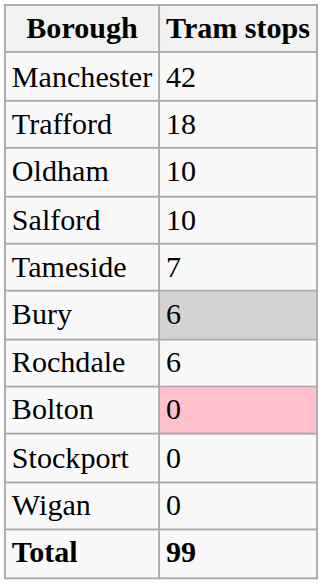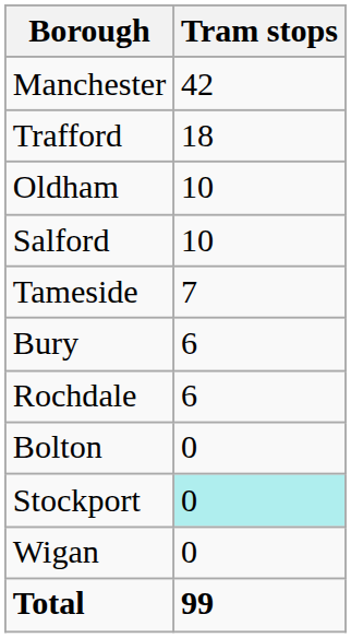 <table class="wikitable floatright">
 <tr>
 <th>Borough</th>
 <th>Tram stops</th>
 </tr>
 <tr>
 <td>Manchester</td>
 <td>42</td>
 </tr>
 <tr>
 <td>Trafford</td>
 <td>18</td>
 </tr>
 <tr>
 <td>Oldham</td>
 <td>10</td>
 </tr>
 <tr>
 <td>Salford</td>
 <td>10</td>
 </tr>
 <tr>
 <td>Tameside</td>
 <td>7</td>
 </tr>
 <tr>
 <td>Bury</td>
-<td style="background: lightgrey;">6</td>
+<td>6</td>
 </tr>
 <tr>
 <td>Rochdale</td>
 <td>6</td>
 </tr>
 <tr>
 <td>Bolton</td>
-<td style="background: pink;">0</td>
+<td>0</td>
 </tr>
 <tr>
 <td>Stockport</td>
-<td>0</td>
+<td style="background: paleturquoise;">0</td>
 </tr>
 <tr>
 <td>Wigan</td>
 <td>0</td>
 </tr>
 <tr>
 <td><strong>Total</strong></td>
 <td><strong>99</strong></td>
 </tr>
 </table>
